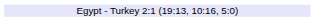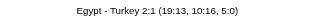 <table style="text-align:center">
 <tr>
 <th width=500></th>
 </tr>
 <tr>
-<td style="background: lavender;">Egypt - Turkey 2:1 (19:13, 10:16, 5:0)</td>
+<td>Egypt - Turkey 2:1 (19:13, 10:16, 5:0)</td>
 </tr>
 <tr>
 </tr>
 </table>
